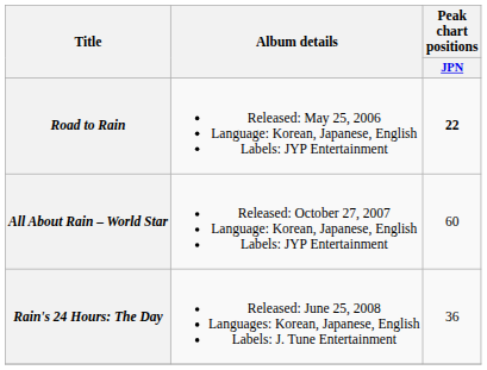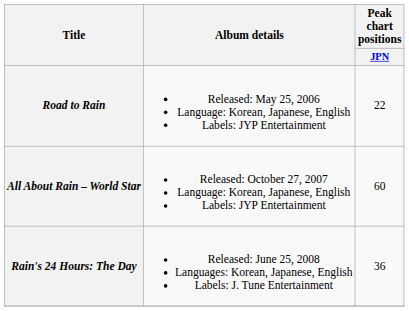 <table class="wikitable plainrowheaders" style="text-align:center;">
 <tr>
 <th scope="col" rowspan="2">Title</th>
 <th scope="col" rowspan="2">Album details</th>
 <th>Peak chart positions</th>
 </tr>
 <tr>
 <th scope="col" style="width:3em;font-size:90%;"><a href='#'>JPN</a><br></th>
 </tr>
 <tr>
 <th scope="row"><em>Road to Rain</em></th>
 <td><br><ul><li>Released: May 25, 2006</li><li>Language: Korean, Japanese, English</li><li>Labels: JYP Entertainment</li></ul></td>
-<td><strong>22</strong></td>
+<td>22</td>
 </tr>
 <tr>
 <th scope="row"><em>All About Rain – World Star</em></th>
 <td><br><ul><li>Released: October 27, 2007</li><li>Language: Korean, Japanese, English</li><li>Labels: JYP Entertainment</li></ul></td>
 <td>60</td>
 </tr>
 <tr>
 <th scope="row"><em>Rain's 24 Hours: The Day</em></th>
 <td><br><ul><li>Released: June 25, 2008</li><li>Languages: Korean, Japanese, English</li><li>Labels: J. Tune Entertainment</li></ul></td>
 <td>36</td>
 </tr>
 <tr>
 </tr>
 </table>
